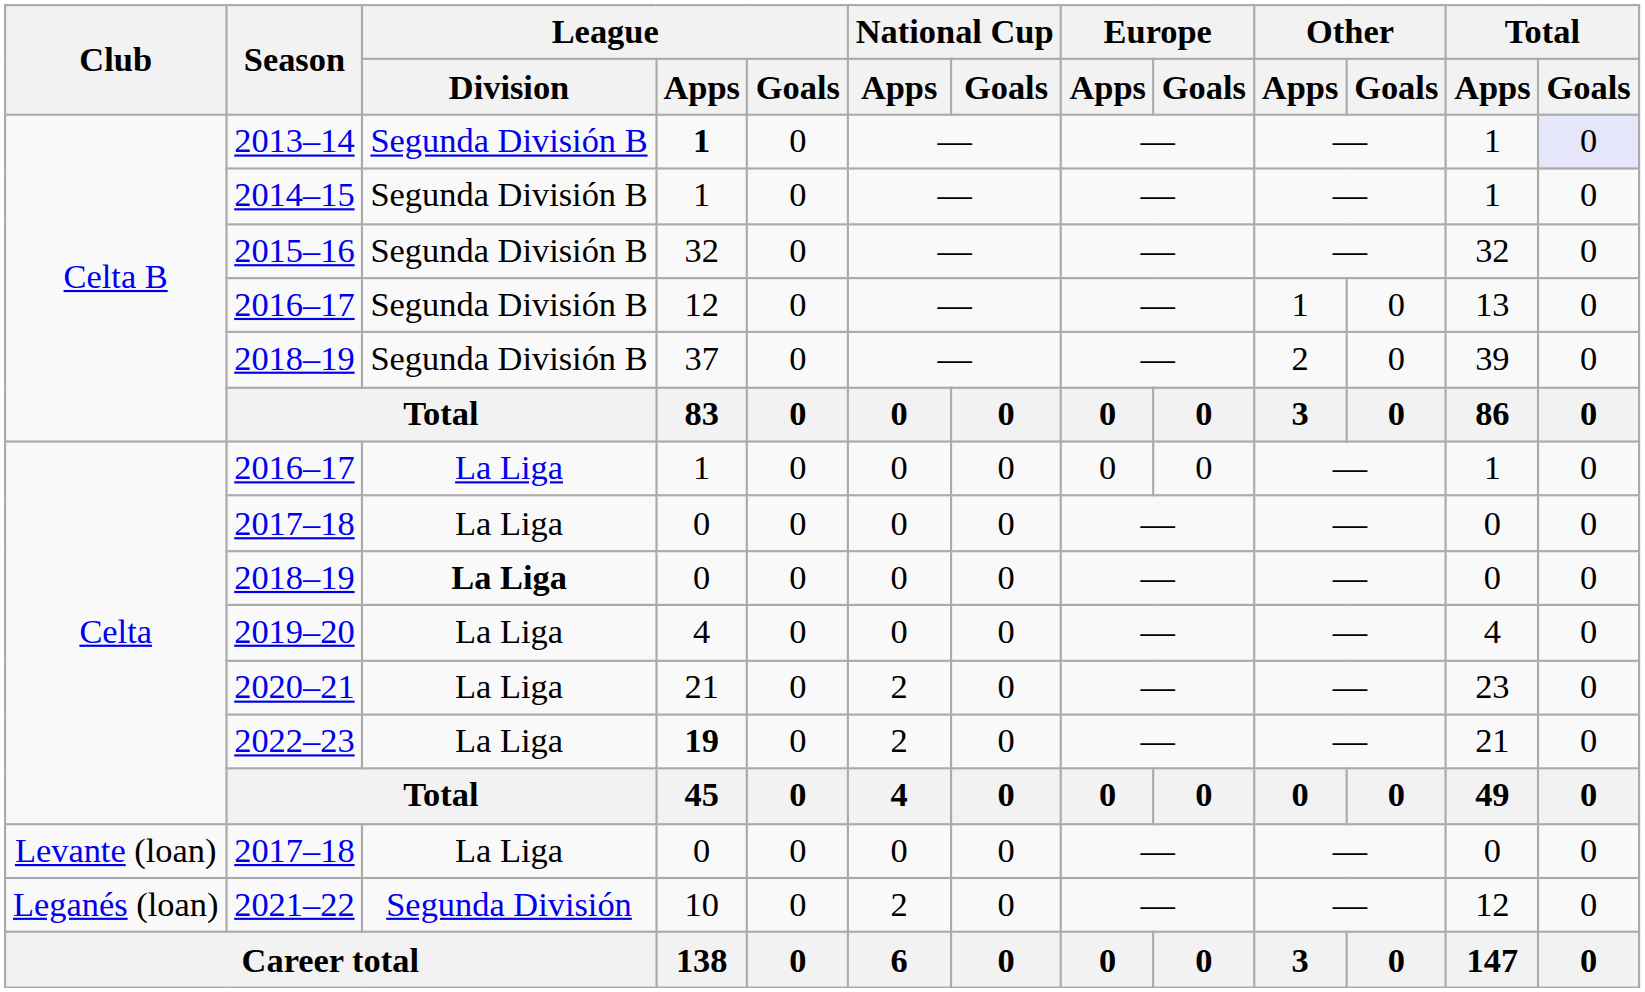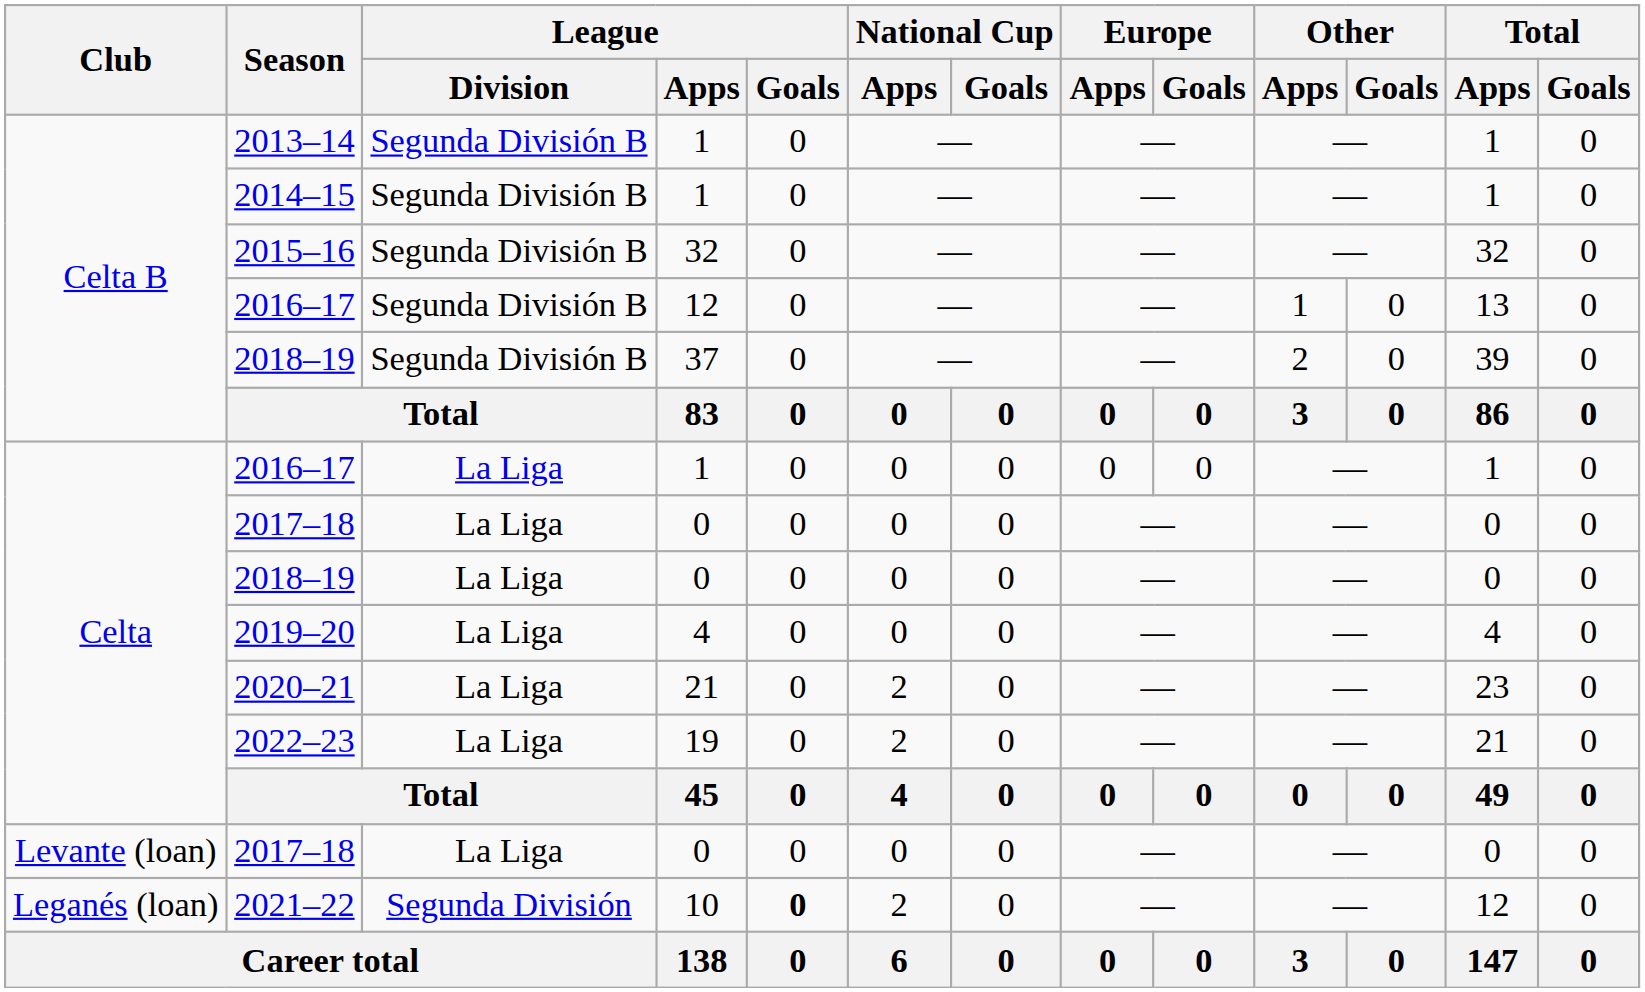 <table class="wikitable" style="text-align:center">
 <tr>
 <th rowspan="2">Club</th>
 <th rowspan="2">Season</th>
 <th colspan="3">League</th>
 <th colspan="2">National Cup</th>
 <th colspan="2">Europe</th>
 <th colspan="2">Other</th>
 <th colspan="2">Total</th>
 </tr>
 <tr>
 <th>Division</th>
 <th>Apps</th>
 <th>Goals</th>
 <th>Apps</th>
 <th>Goals</th>
 <th>Apps</th>
 <th>Goals</th>
 <th>Apps</th>
 <th>Goals</th>
 <th>Apps</th>
 <th>Goals</th>
 </tr>
 <tr>
 <td rowspan="6"><a href='#'>Celta B</a></td>
 <td><a href='#'>2013–14</a></td>
 <td><a href='#'>Segunda División B</a></td>
-<td><strong>1</strong></td>
+<td>1</td>
 <td>0</td>
 <td colspan="2">—</td>
 <td colspan="2">—</td>
 <td colspan="2">—</td>
 <td>1</td>
-<td style="background: lavender;">0</td>
+<td>0</td>
 </tr>
 <tr>
 <td><a href='#'>2014–15</a></td>
 <td>Segunda División B</td>
 <td>1</td>
 <td>0</td>
 <td colspan="2">—</td>
 <td colspan="2">—</td>
 <td colspan="2">—</td>
 <td>1</td>
 <td>0</td>
 </tr>
 <tr>
 <td><a href='#'>2015–16</a></td>
 <td>Segunda División B</td>
 <td>32</td>
 <td>0</td>
 <td colspan="2">—</td>
 <td colspan="2">—</td>
 <td colspan="2">—</td>
 <td>32</td>
 <td>0</td>
 </tr>
 <tr>
 <td><a href='#'>2016–17</a></td>
 <td>Segunda División B</td>
 <td>12</td>
 <td>0</td>
 <td colspan="2">—</td>
 <td colspan="2">—</td>
 <td>1</td>
 <td>0</td>
 <td>13</td>
 <td>0</td>
 </tr>
 <tr>
 <td><a href='#'>2018–19</a></td>
 <td>Segunda División B</td>
 <td>37</td>
 <td>0</td>
 <td colspan="2">—</td>
 <td colspan="2">—</td>
 <td>2</td>
 <td>0</td>
 <td>39</td>
 <td>0</td>
 </tr>
 <tr>
 <th colspan="2">Total</th>
 <th>83</th>
 <th>0</th>
 <th>0</th>
 <th>0</th>
 <th>0</th>
 <th>0</th>
 <th>3</th>
 <th>0</th>
 <th>86</th>
 <th>0</th>
 </tr>
 <tr>
 <td rowspan="7"><a href='#'>Celta</a></td>
 <td><a href='#'>2016–17</a></td>
 <td><a href='#'>La Liga</a></td>
 <td>1</td>
 <td>0</td>
 <td>0</td>
 <td>0</td>
 <td>0</td>
 <td>0</td>
 <td colspan="2">—</td>
 <td>1</td>
 <td>0</td>
 </tr>
 <tr>
 <td><a href='#'>2017–18</a></td>
 <td>La Liga</td>
 <td>0</td>
 <td>0</td>
 <td>0</td>
 <td>0</td>
 <td colspan="2">—</td>
 <td colspan="2">—</td>
 <td>0</td>
 <td>0</td>
 </tr>
 <tr>
 <td><a href='#'>2018–19</a></td>
-<td><strong>La Liga</strong></td>
+<td>La Liga</td>
 <td>0</td>
 <td>0</td>
 <td>0</td>
 <td>0</td>
 <td colspan="2">—</td>
 <td colspan="2">—</td>
 <td>0</td>
 <td>0</td>
 </tr>
 <tr>
 <td><a href='#'>2019–20</a></td>
 <td>La Liga</td>
 <td>4</td>
 <td>0</td>
 <td>0</td>
 <td>0</td>
 <td colspan="2">—</td>
 <td colspan="2">—</td>
 <td>4</td>
 <td>0</td>
 </tr>
 <tr>
 <td><a href='#'>2020–21</a></td>
 <td>La Liga</td>
 <td>21</td>
 <td>0</td>
 <td>2</td>
 <td>0</td>
 <td colspan="2">—</td>
 <td colspan="2">—</td>
 <td>23</td>
 <td>0</td>
 </tr>
 <tr>
 <td><a href='#'>2022–23</a></td>
 <td>La Liga</td>
-<td><strong>19</strong></td>
+<td>19</td>
 <td>0</td>
 <td>2</td>
 <td>0</td>
 <td colspan="2">—</td>
 <td colspan="2">—</td>
 <td>21</td>
 <td>0</td>
 </tr>
 <tr>
 <th colspan="2">Total</th>
 <th>45</th>
 <th>0</th>
 <th>4</th>
 <th>0</th>
 <th>0</th>
 <th>0</th>
 <th>0</th>
 <th>0</th>
 <th>49</th>
 <th>0</th>
 </tr>
 <tr>
 <td><a href='#'>Levante</a> (loan)</td>
 <td><a href='#'>2017–18</a></td>
 <td>La Liga</td>
 <td>0</td>
 <td>0</td>
 <td>0</td>
 <td>0</td>
 <td colspan="2">—</td>
 <td colspan="2">—</td>
 <td>0</td>
 <td>0</td>
 </tr>
 <tr>
 <td><a href='#'>Leganés</a> (loan)</td>
 <td><a href='#'>2021–22</a></td>
 <td><a href='#'>Segunda División</a></td>
 <td>10</td>
-<td>0</td>
+<td><strong>0</strong></td>
 <td>2</td>
 <td>0</td>
 <td colspan="2">—</td>
 <td colspan="2">—</td>
 <td>12</td>
 <td>0</td>
 </tr>
 <tr>
 <th colspan="3">Career total</th>
 <th>138</th>
 <th>0</th>
 <th>6</th>
 <th>0</th>
 <th>0</th>
 <th>0</th>
 <th>3</th>
 <th>0</th>
 <th>147</th>
 <th>0</th>
 </tr>
 </table>
